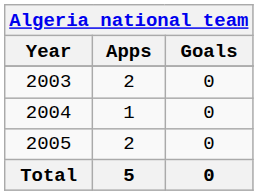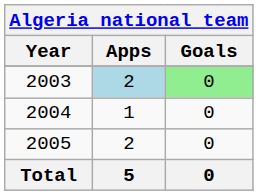 <table class="wikitable" style="text-align:center">
 <tr>
 <th colspan=3><a href='#'>Algeria national team</a></th>
 </tr>
 <tr>
 <th>Year</th>
 <th>Apps</th>
 <th>Goals</th>
 </tr>
 <tr>
 </tr>
 <tr>
 <td>2003</td>
-<td>2</td>
-<td>0</td>
+<td style="background: lightblue;">2</td>
+<td style="background: lightgreen;">0</td>
 </tr>
 <tr>
 <td>2004</td>
 <td>1</td>
 <td>0</td>
 </tr>
 <tr>
 <td>2005</td>
 <td>2</td>
 <td>0</td>
 </tr>
 <tr>
 <th>Total</th>
 <th>5</th>
 <th>0</th>
 </tr>
 </table>
